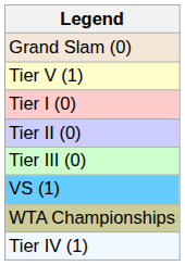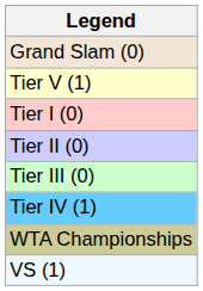 <table class="wikitable sortable mw-collapsible mw-collapsed">
 <tr>
 <th>Legend</th>
 </tr>
 <tr style="background:#f3e6d7;">
 <td>Grand Slam (0)</td>
 </tr>
 <tr style="background:#ffc;">
 <td>Tier V (1)</td>
 </tr>
 <tr bgcolor="#ffcccc">
 <td>Tier I (0)</td>
 </tr>
 <tr bgcolor="#ccccff">
 <td>Tier II (0)</td>
 </tr>
 <tr bgcolor="#CCFFCC">
 <td>Tier III (0)</td>
 </tr>
 <tr bgcolor="#66CCFF">
-<td>VS (1)</td>
+<td>Tier IV (1)</td>
 </tr>
 <tr bgcolor="#CCCC99">
 <td>WTA Championships</td>
 </tr>
 <tr bgcolor="#f0f8ff">
-<td>Tier IV (1)</td>
+<td>VS (1)</td>
 </tr>
 </table>
